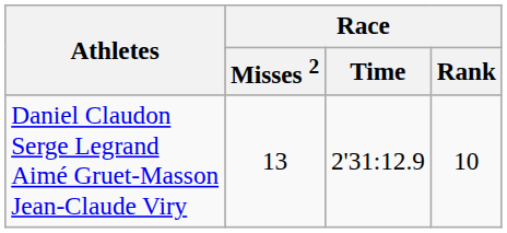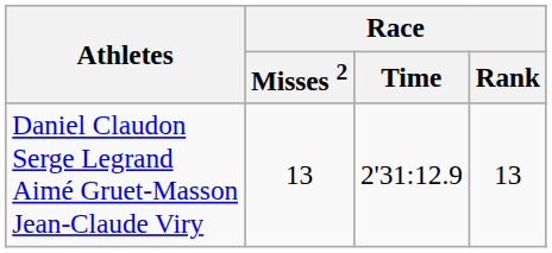 <table class="wikitable" border="1" style="font-size:90%">
 <tr>
 <th rowspan=2>Athletes</th>
 <th colspan=3>Race</th>
 </tr>
 <tr>
 <th>Misses <sup>2</sup></th>
 <th>Time</th>
 <th>Rank</th>
 </tr>
 <tr>
 <td><a href='#'>Daniel Claudon</a><br><a href='#'>Serge Legrand</a><br><a href='#'>Aimé Gruet-Masson</a><br><a href='#'>Jean-Claude Viry</a></td>
 <td align=center>13</td>
 <td align=center>2'31:12.9</td>
-<td align=center>10</td>
+<td align=center>13</td>
 </tr>
 </table>
